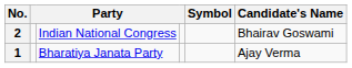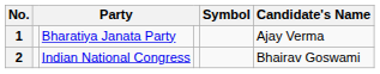 <table class="wikitable sortable">
 <tr>
 <th>No.</th>
 <th colspan="3">Party</th>
 <th>Symbol</th>
 <th>Candidate's Name</th>
+</tr>
+<tr>
+<th>1</th>
+<td style="background:"></td>
+<td><a href='#'>Bharatiya Janata Party</a></td>
+<td></td>
+<td></td>
+<td>Ajay Verma</td>
 </tr>
 <tr>
 <th>2</th>
 <td style="background:"></td>
 <td><a href='#'>Indian National Congress</a></td>
 <td></td>
 <td></td>
 <td>Bhairav Goswami</td>
 </tr>
-<tr>
-<th>1</th>
-<td style="background:"></td>
-<td><a href='#'>Bharatiya Janata Party</a></td>
-<td></td>
-<td></td>
-<td>Ajay Verma</td>
-</tr>
 </table>
